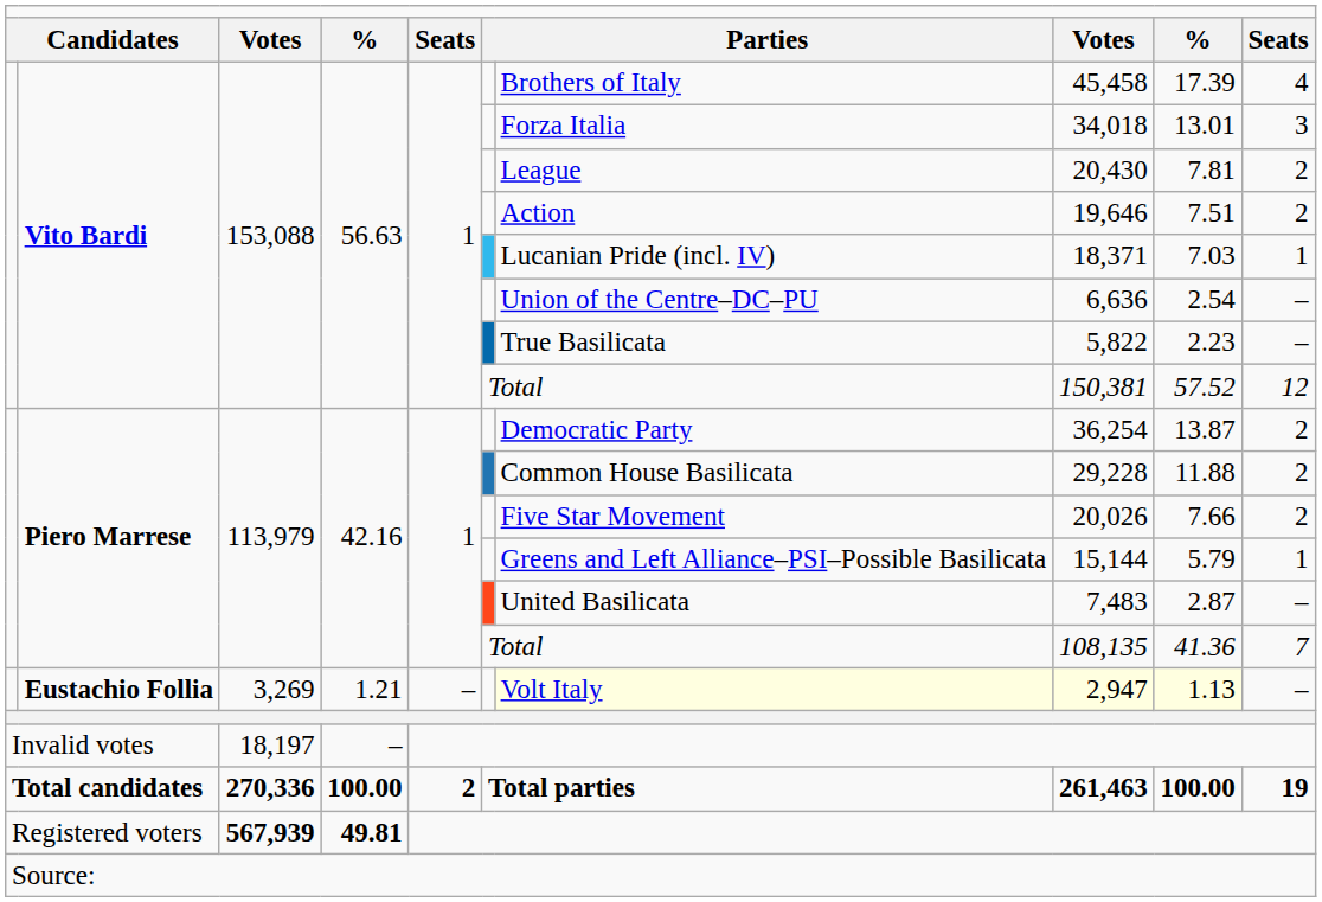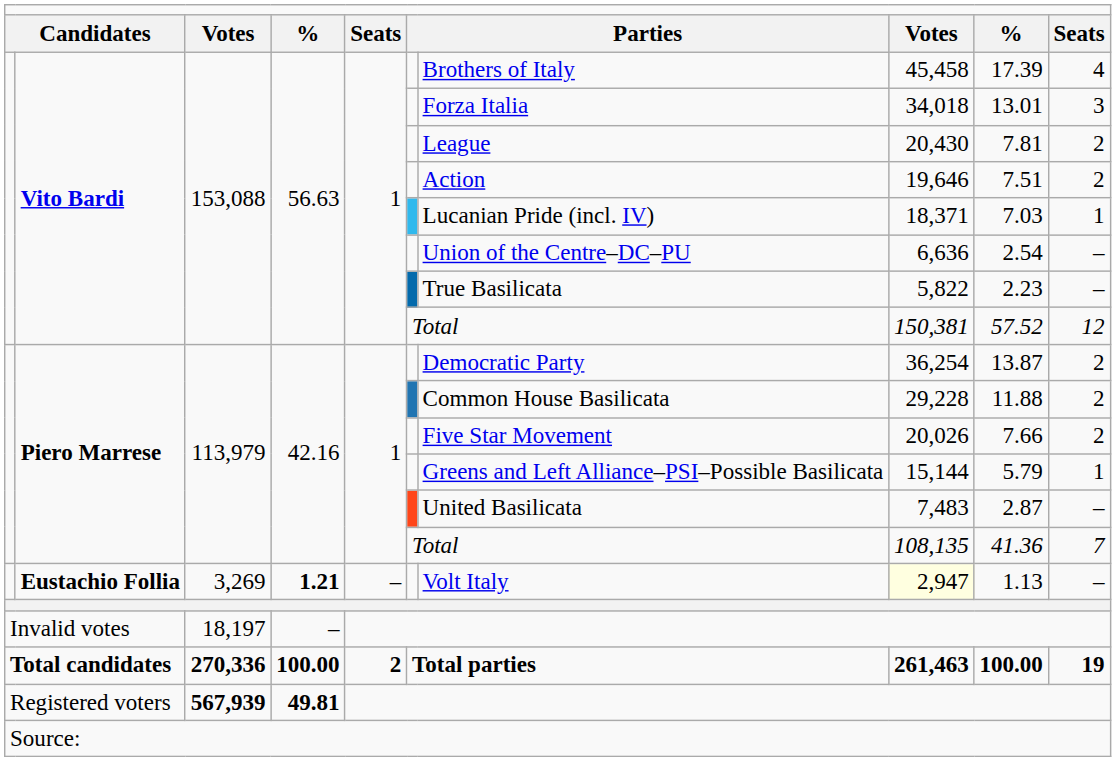 <table class="wikitable">
 <tr>
 <td colspan="10" style="text-align:center"></td>
 </tr>
 <tr>
 <th colspan="2">Candidates</th>
 <th>Votes</th>
 <th>%</th>
 <th>Seats</th>
 <th colspan="2">Parties</th>
 <th>Votes</th>
 <th>%</th>
 <th>Seats</th>
 </tr>
 <tr>
 <td rowspan="8" style="background:"></td>
 <td rowspan="8"><strong><a href='#'>Vito Bardi</a></strong></td>
 <td rowspan="8" align=right>153,088</td>
 <td rowspan="8" align=right>56.63</td>
 <td rowspan="8" align=right>1</td>
 <td></td>
 <td style="text-align:left;"><a href='#'>Brothers of Italy</a></td>
 <td align="right">45,458</td>
 <td align="right">17.39</td>
 <td align="right">4</td>
 </tr>
 <tr>
 <td></td>
 <td style="text-align:left;"><a href='#'>Forza Italia</a></td>
 <td align="right">34,018</td>
 <td align="right">13.01</td>
 <td align="right">3</td>
 </tr>
 <tr>
 <td></td>
 <td><a href='#'>League</a></td>
 <td align="right">20,430</td>
 <td align="right">7.81</td>
 <td align="right">2</td>
 </tr>
 <tr>
 <td></td>
 <td><a href='#'>Action</a></td>
 <td align="right">19,646</td>
 <td align="right">7.51</td>
 <td align="right">2</td>
 </tr>
 <tr>
 <td bgcolor="#30b9ed"></td>
 <td>Lucanian Pride (incl. <a href='#'>IV</a>)</td>
 <td align="right">18,371</td>
 <td align="right">7.03</td>
 <td align="right">1</td>
 </tr>
 <tr>
 <td></td>
 <td><a href='#'>Union of the Centre</a>–<a href='#'>DC</a>–<a href='#'>PU</a></td>
 <td align="right">6,636</td>
 <td align="right">2.54</td>
 <td align="right">–</td>
 </tr>
 <tr>
 <td bgcolor="#036aac"></td>
 <td style="text-align:left;">True Basilicata</td>
 <td align="right">5,822</td>
 <td align="right">2.23</td>
 <td align="right">–</td>
 </tr>
 <tr>
 <td colspan="2"><em>Total</em></td>
 <td align="right"><em>150,381</em></td>
 <td align="right"><em>57.52</em></td>
 <td align="right"><em>12</em></td>
 </tr>
 <tr>
 <td rowspan="6"></td>
 <td rowspan="6"><strong>Piero Marrese</strong></td>
 <td rowspan=6 align=right>113,979</td>
 <td rowspan=6 align=right>42.16</td>
 <td rowspan=6 align=right>1</td>
 <td></td>
 <td style="text-align:left;"><a href='#'>Democratic Party</a></td>
 <td align="right">36,254</td>
 <td align="right">13.87</td>
 <td align="right">2</td>
 </tr>
 <tr>
 <td style="background-color:#2175b2"></td>
 <td>Common House Basilicata</td>
 <td align="right">29,228</td>
 <td align="right">11.88</td>
 <td align="right">2</td>
 </tr>
 <tr>
 <td style="background-color:"></td>
 <td><a href='#'>Five Star Movement</a></td>
 <td align="right">20,026</td>
 <td align="right">7.66</td>
 <td align="right">2</td>
 </tr>
 <tr>
 <td></td>
 <td style="text-align:left;"><a href='#'>Greens and Left Alliance</a>–<a href='#'>PSI</a>–Possible Basilicata</td>
 <td align="right">15,144</td>
 <td align="right">5.79</td>
 <td align="right">1</td>
 </tr>
 <tr>
 <td bgcolor="#ff461a"></td>
 <td>United Basilicata</td>
 <td align="right">7,483</td>
 <td align="right">2.87</td>
 <td align="right">–</td>
 </tr>
 <tr>
 <td colspan="2"><em>Total</em></td>
 <td align="right"><em>108,135</em></td>
 <td align="right"><em>41.36</em></td>
 <td align="right"><em>7</em></td>
 </tr>
 <tr>
 <td style="background-color:"></td>
 <td><strong>Eustachio Follia</strong></td>
 <td align=right>3,269</td>
-<td align=right>1.21</td>
+<td align=right><strong>1.21</strong></td>
 <td align=right>–</td>
 <td style="background-color:"></td>
-<td style="background: lightyellow; text-align:left;"><a href='#'>Volt Italy</a></td>
+<td style="text-align:left;"><a href='#'>Volt Italy</a></td>
 <td align="right" style="background: lightyellow;">2,947</td>
-<td align="right" style="background: lightyellow;">1.13</td>
+<td align="right">1.13</td>
 <td align="right">–</td>
 </tr>
 <tr>
 <th colspan="10"></th>
 </tr>
 <tr>
 <td colspan="2">Invalid votes</td>
 <td align=right>18,197</td>
 <td align=right>–</td>
 <td colspan="6"></td>
 </tr>
 <tr>
 <td colspan="2"><strong>Total candidates</strong></td>
 <td align="right"><strong>270,336</strong></td>
 <td align="right"><strong>100.00</strong></td>
 <td align="right"><strong>2</strong></td>
 <td colspan="2"><strong>Total parties</strong></td>
 <td align="right"><strong>261,463</strong></td>
 <td align="right"><strong>100.00</strong></td>
 <td align="right"><strong>19</strong></td>
 </tr>
 <tr>
 <td colspan="2">Registered voters</td>
 <td align="right"><strong>567,939</strong></td>
 <td align="right"><strong>49.81</strong></td>
 <td colspan=6></td>
 </tr>
 <tr>
 <td colspan="11">Source: </td>
 </tr>
 </table>
